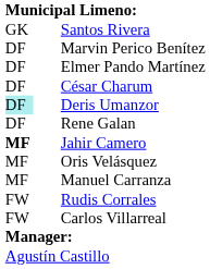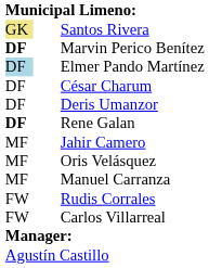 <table style="font-size: 90%" cellspacing="0" cellpadding="0" align=right>
 <tr>
 <td colspan="4"><strong>Municipal Limeno:</strong></td>
 </tr>
 <tr>
 <th width="25"></th>
 <th width="25"></th>
 </tr>
 <tr>
-<td>GK</td>
+<td style="background: khaki;">GK</td>
 <td></td>
 <td> <a href='#'>Santos Rivera</a></td>
 </tr>
 <tr>
-<td>DF</td>
+<td><strong>DF</strong></td>
 <td></td>
 <td> Marvin Perico Benítez</td>
 </tr>
 <tr>
-<td>DF</td>
+<td style="background: lightblue;">DF</td>
 <td></td>
 <td>  Elmer Pando Martínez </td>
 </tr>
 <tr>
 <td>DF</td>
 <td></td>
 <td>  <a href='#'>César Charum</a></td>
 </tr>
 <tr>
-<td style="background: paleturquoise;">DF</td>
+<td>DF</td>
 <td></td>
 <td>  <a href='#'>Deris Umanzor</a> </td>
 </tr>
 <tr>
-<td>DF</td>
+<td><strong>DF</strong></td>
 <td></td>
 <td>  Rene Galan</td>
 </tr>
 <tr>
-<td><strong>MF</strong></td>
+<td>MF</td>
 <td></td>
 <td>  <a href='#'>Jahir Camero</a></td>
 </tr>
 <tr>
 <td>MF</td>
 <td></td>
 <td> Oris Velásquez</td>
 </tr>
 <tr>
 <td>MF</td>
 <td></td>
 <td>  Manuel Carranza</td>
 </tr>
 <tr>
 <td>FW</td>
 <td></td>
 <td>  <a href='#'>Rudis Corrales</a></td>
 </tr>
 <tr>
 <td>FW</td>
 <td></td>
 <td>  Carlos Villarreal   </td>
 </tr>
 <tr>
 <td colspan=3><strong>Manager:</strong></td>
 </tr>
 <tr>
 <td colspan=4> <a href='#'>Agustín Castillo</a></td>
 </tr>
 </table>
